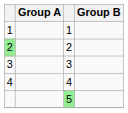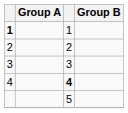 <table class="wikitable">
 <tr>
 <th></th>
 <th>Group A</th>
 <th></th>
 <th>Group B</th>
 </tr>
 <tr>
-<td>1</td>
+<td><strong>1</strong></td>
 <td></td>
 <td>1</td>
 <td></td>
 </tr>
 <tr>
-<td style="background: lightgreen;">2</td>
+<td>2</td>
 <td></td>
 <td>2</td>
 <td></td>
 </tr>
 <tr>
 <td>3</td>
 <td></td>
 <td>3</td>
 <td></td>
 </tr>
 <tr>
 <td>4</td>
 <td></td>
-<td>4</td>
+<td><strong>4</strong></td>
 <td></td>
 </tr>
 <tr>
 <td></td>
 <td></td>
-<td style="background: lightgreen;">5</td>
+<td>5</td>
 <td></td>
 </tr>
 <tr>
 </tr>
 </table>
